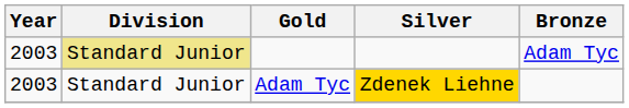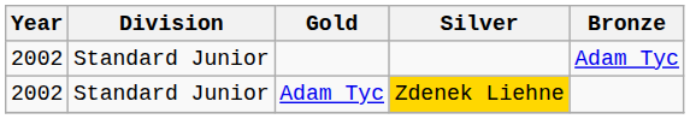 <table class="wikitable sortable" style="text-align: left;">
 <tr>
 <th>Year</th>
 <th>Division</th>
 <th> Gold</th>
 <th> Silver</th>
 <th> Bronze</th>
 </tr>
 <tr>
-<td>2003</td>
-<td style="background: khaki;">Standard Junior</td>
+<td>2002</td>
+<td>Standard Junior</td>
 <td></td>
 <td></td>
 <td><a href='#'>Adam Tyc</a></td>
 </tr>
 <tr>
-<td>2003</td>
+<td>2002</td>
 <td>Standard Junior</td>
 <td><a href='#'>Adam Tyc</a></td>
 <td style="background: gold;">Zdenek Liehne</td>
 <td></td>
 </tr>
 <tr>
 </tr>
 </table>
